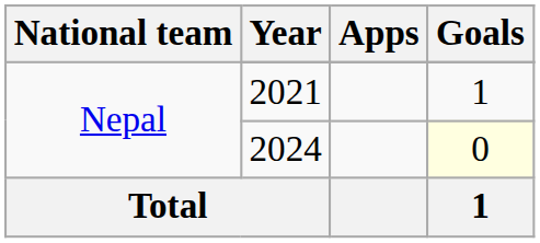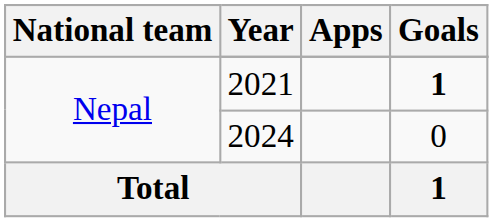 <table class="wikitable" style="text-align:center">
 <tr>
 <th>National team</th>
 <th>Year</th>
 <th>Apps</th>
 <th>Goals</th>
 </tr>
 <tr>
 <td rowspan="3"><a href='#'>Nepal</a></td>
 </tr>
 <tr>
 <td>2021</td>
 <td></td>
-<td>1</td>
+<td><strong>1</strong></td>
 </tr>
 <tr>
 <td>2024</td>
 <td></td>
-<td style="background: lightyellow;">0</td>
+<td>0</td>
 </tr>
 <tr>
 <th colspan="2">Total</th>
 <th></th>
 <th>1</th>
 </tr>
 </table>
